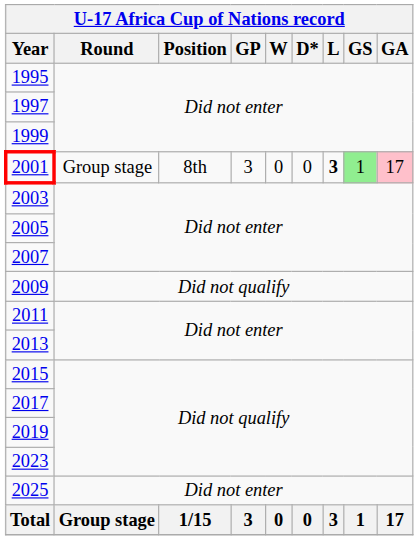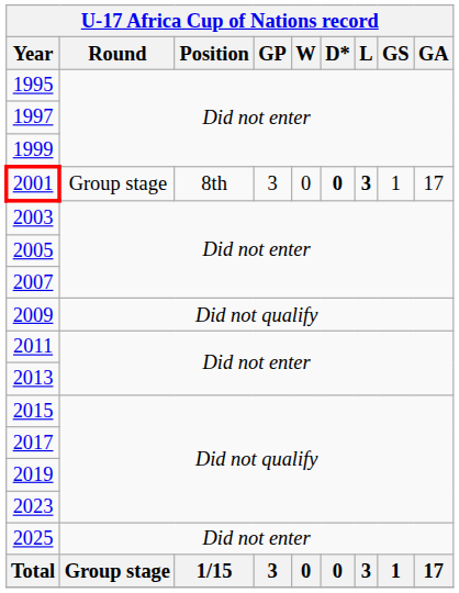 <table class="wikitable" style="text-align: center;">
 <tr>
 <th colspan=9><a href='#'>U-17 Africa Cup of Nations record</a></th>
 </tr>
 <tr>
 <th>Year</th>
 <th>Round</th>
 <th>Position</th>
 <th>GP</th>
 <th>W</th>
 <th>D*</th>
 <th>L</th>
 <th>GS</th>
 <th>GA</th>
 </tr>
 <tr>
 <td> <a href='#'>1995</a></td>
 <td rowspan=3 colspan=8><em>Did not enter</em></td>
 </tr>
 <tr>
 <td> <a href='#'>1997</a></td>
 </tr>
 <tr>
 <td> <a href='#'>1999</a></td>
 </tr>
 <tr>
 <td style="border: 3px solid red"> <a href='#'>2001</a></td>
 <td>Group stage</td>
 <td>8th</td>
 <td>3</td>
 <td>0</td>
-<td>0</td>
+<td><strong>0</strong></td>
 <td><strong>3</strong></td>
-<td style="background: lightgreen;">1</td>
-<td style="background: pink;">17</td>
+<td>1</td>
+<td>17</td>
 </tr>
 <tr>
 <td> <a href='#'>2003</a></td>
 <td colspan=8 rowspan=3><em>Did not enter</em></td>
 </tr>
 <tr>
 <td> <a href='#'>2005</a></td>
 </tr>
 <tr>
 <td> <a href='#'>2007</a></td>
 </tr>
 <tr>
 <td> <a href='#'>2009</a></td>
 <td colspan=8><em>Did not qualify</em></td>
 </tr>
 <tr>
 <td> <a href='#'>2011</a></td>
 <td colspan=8 rowspan=2><em>Did not enter</em></td>
 </tr>
 <tr>
 <td> <a href='#'>2013</a></td>
 </tr>
 <tr>
 <td> <a href='#'>2015</a></td>
 <td colspan=8 rowspan=4><em>Did not qualify</em></td>
 </tr>
 <tr>
 <td> <a href='#'>2017</a></td>
 </tr>
 <tr>
 <td> <a href='#'>2019</a></td>
 </tr>
 <tr>
 <td> <a href='#'>2023</a></td>
 </tr>
 <tr>
 <td> <a href='#'>2025</a></td>
 <td colspan=8><em>Did not enter</em></td>
 </tr>
 <tr>
 <th>Total</th>
 <th>Group stage</th>
 <th>1/15</th>
 <th>3</th>
 <th>0</th>
 <th>0</th>
 <th>3</th>
 <th>1</th>
 <th>17</th>
 </tr>
 <tr>
 </tr>
 </table>
